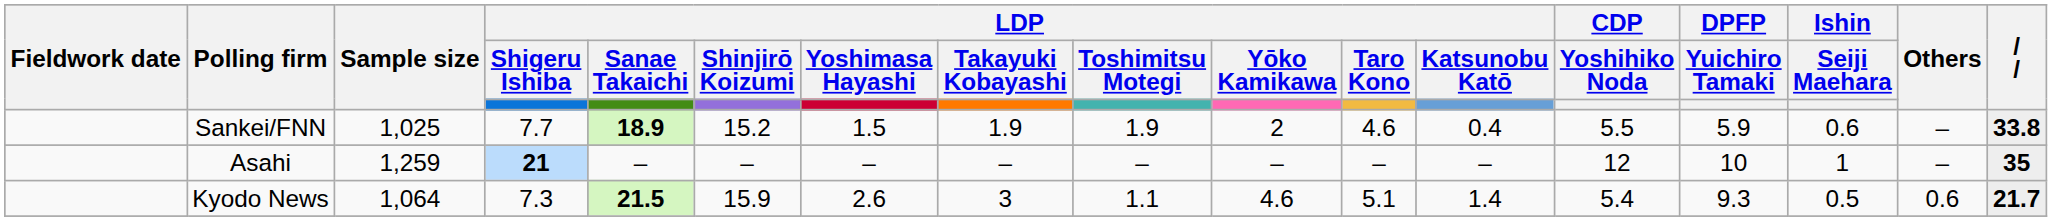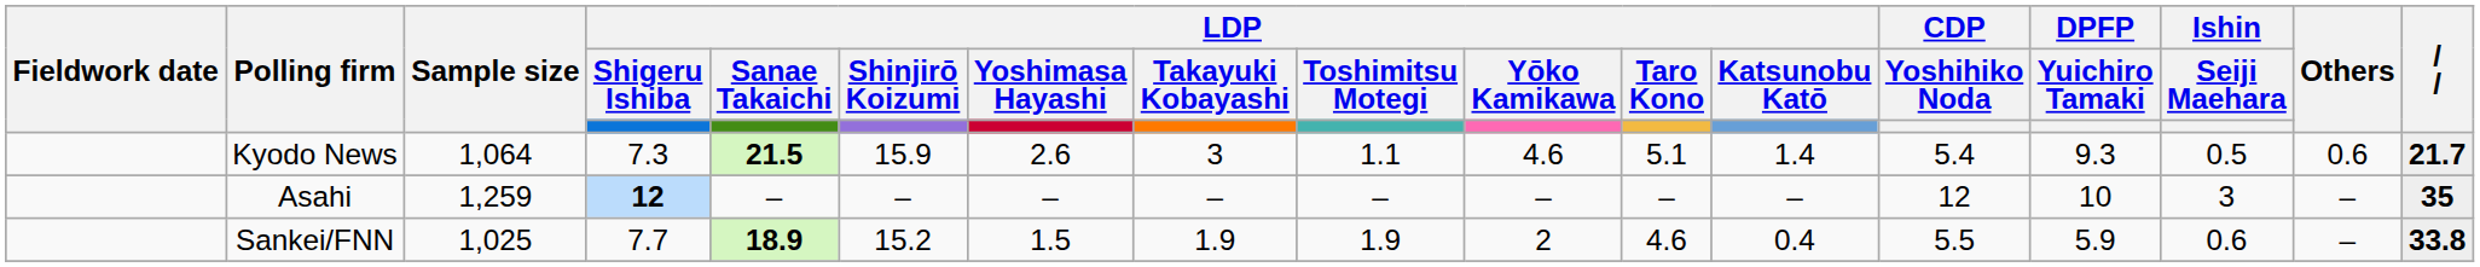 <table class="wikitable mw-datatable sortable mw-collapsible" style="text-align:center;font-size:90%;line-height:14px;">
 <tr>
 <th rowspan="3">Fieldwork date</th>
 <th rowspan="3">Polling firm</th>
 <th rowspan="3">Sample size</th>
 <th colspan="9"><a href='#'>LDP</a></th>
 <th><a href='#'>CDP</a></th>
 <th><a href='#'>DPFP</a></th>
 <th><a href='#'>Ishin</a></th>
 <th rowspan="3">Others</th>
 <th rowspan="3">/<br>/</th>
 </tr>
 <tr>
 <th class="unsortable"><a href='#'>Shigeru<br>Ishiba</a></th>
 <th class="unsortable"><a href='#'>Sanae<br>Takaichi</a></th>
 <th class="unsortable"><a href='#'>Shinjirō<br>Koizumi</a></th>
 <th class="unsortable"><a href='#'>Yoshimasa<br>Hayashi</a></th>
 <th class="unsortable"><a href='#'>Takayuki<br>Kobayashi</a></th>
 <th class="unsortable"><a href='#'>Toshimitsu<br>Motegi</a></th>
 <th class="unsortable"><a href='#'>Yōko<br>Kamikawa</a></th>
 <th class="unsortable"><a href='#'>Taro<br>Kono</a></th>
 <th class="unsortable"><a href='#'>Katsunobu<br>Katō</a></th>
 <th class="unsortable"><a href='#'>Yoshihiko<br>Noda</a></th>
 <th class="unsortable"><a href='#'>Yuichiro<br>Tamaki</a></th>
 <th class="unsortable"><a href='#'>Seiji<br>Maehara</a></th>
 </tr>
 <tr>
 <th style="background:#0b75d9"></th>
 <th style="background:#438C15"></th>
 <th style="background:#9370DB"></th>
 <th style="background:#CC0033"></th>
 <th style="background:#FF7900"></th>
 <th style="background:#43b3ae"></th>
 <th style="background:#FF69B4"></th>
 <th style="background:#F2BA42"></th>
 <th style="background:#679fd7"></th>
 <th style="background:"></th>
 <th style="background:"></th>
 <th style="background:"></th>
 </tr>
 <tr>
 <td></td>
+<td>Kyodo News</td>
+<td>1,064</td>
+<td>7.3</td>
+<td style="background:#d5f6c1"><strong>21.5</strong></td>
+<td>15.9</td>
+<td>2.6</td>
+<td>3</td>
+<td>1.1</td>
+<td>4.6</td>
+<td>5.1</td>
+<td>1.4</td>
+<td>5.4</td>
+<td>9.3</td>
+<td>0.5</td>
+<td>0.6</td>
+<td style="background:#EEEEEE;"><strong>21.7</strong></td>
+</tr>
+<tr>
+<td></td>
+<td>Asahi</td>
+<td>1,259</td>
+<td style="background:#bbdcfc"><strong>12</strong></td>
+<td>–</td>
+<td>–</td>
+<td>–</td>
+<td>–</td>
+<td>–</td>
+<td>–</td>
+<td>–</td>
+<td>–</td>
+<td>12</td>
+<td>10</td>
+<td>3</td>
+<td>–</td>
+<td style="background:#EEEEEE;"><strong>35</strong></td>
+</tr>
+<tr>
+<td></td>
 <td>Sankei/FNN</td>
 <td>1,025</td>
 <td>7.7</td>
 <td style="background:#d5f6c1"><strong>18.9</strong></td>
 <td>15.2</td>
 <td>1.5</td>
 <td>1.9</td>
 <td>1.9</td>
 <td>2</td>
 <td>4.6</td>
 <td>0.4</td>
 <td>5.5</td>
 <td>5.9</td>
 <td>0.6</td>
 <td>–</td>
 <td style="background:#EEEEEE;"><strong>33.8</strong></td>
 </tr>
-<tr>
-<td></td>
-<td>Asahi</td>
-<td>1,259</td>
-<td style="background:#bbdcfc"><strong>21</strong></td>
-<td>–</td>
-<td>–</td>
-<td>–</td>
-<td>–</td>
-<td>–</td>
-<td>–</td>
-<td>–</td>
-<td>–</td>
-<td>12</td>
-<td>10</td>
-<td>1</td>
-<td>–</td>
-<td style="background:#EEEEEE;"><strong>35</strong></td>
-</tr>
-<tr>
-<td></td>
-<td>Kyodo News</td>
-<td>1,064</td>
-<td>7.3</td>
-<td style="background:#d5f6c1"><strong>21.5</strong></td>
-<td>15.9</td>
-<td>2.6</td>
-<td>3</td>
-<td>1.1</td>
-<td>4.6</td>
-<td>5.1</td>
-<td>1.4</td>
-<td>5.4</td>
-<td>9.3</td>
-<td>0.5</td>
-<td>0.6</td>
-<td style="background:#EEEEEE;"><strong>21.7</strong></td>
-</tr>
 </table>
